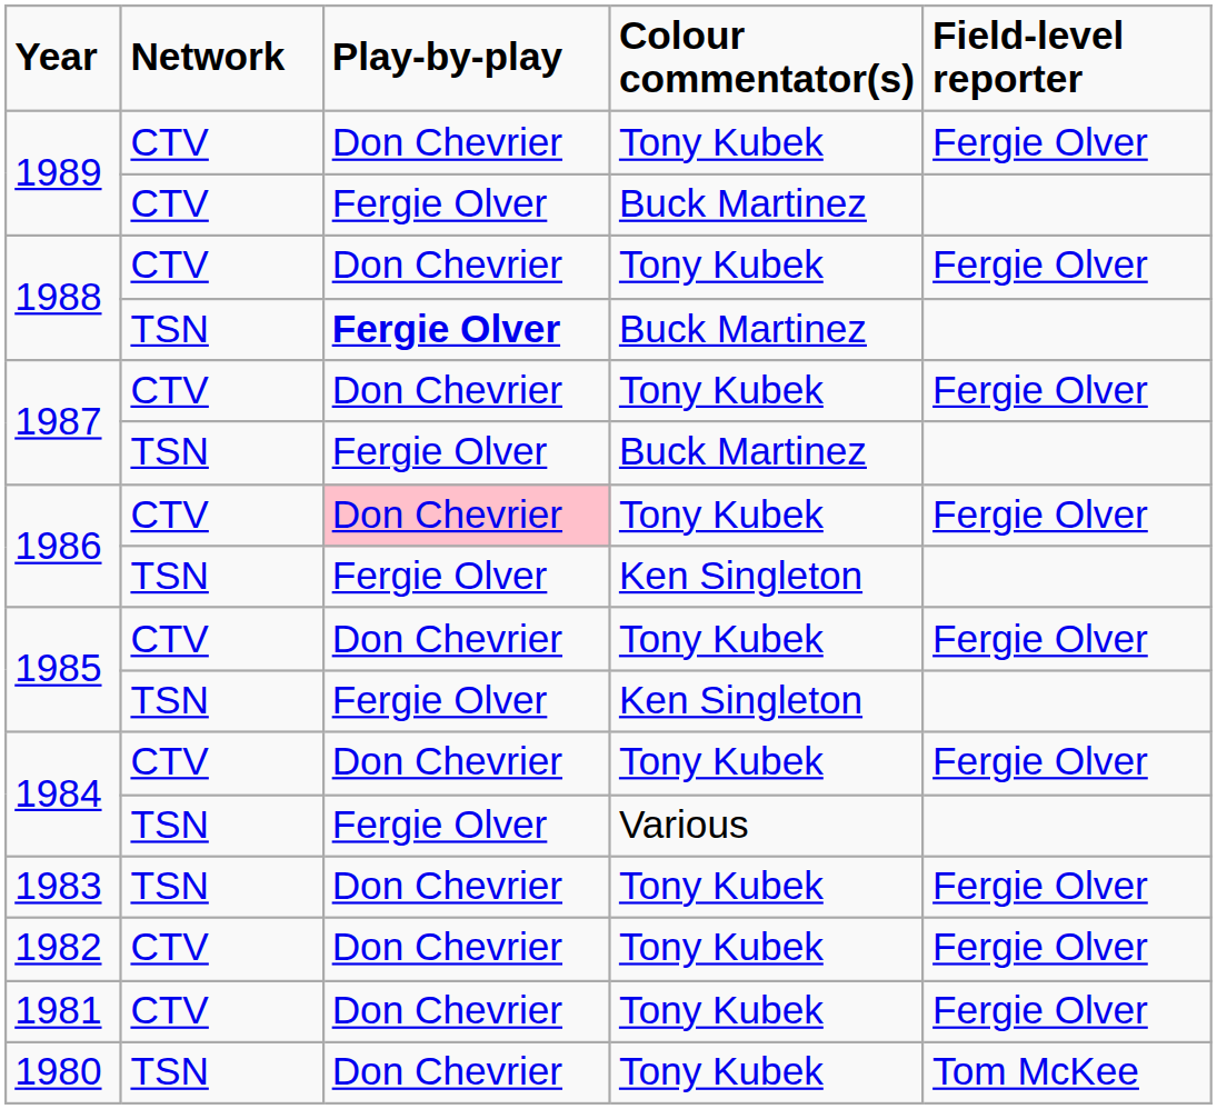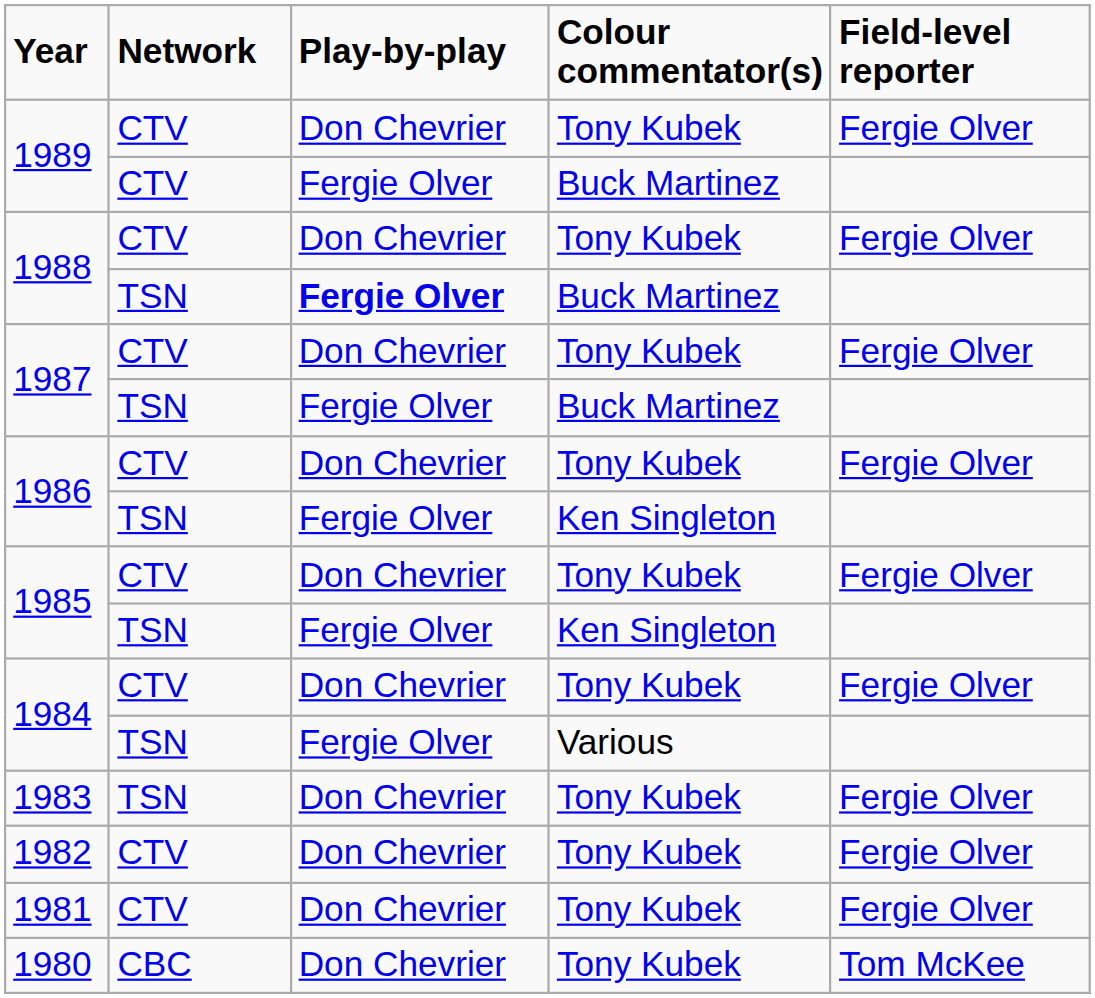 <table class="wikitable">
 <tr>
 <td width="40"><strong>Year</strong></td>
 <td width="75"><strong>Network</strong></td>
 <td width="110"><strong>Play-by-play</strong></td>
 <td width="110"><strong>Colour commentator(s)</strong></td>
 <td width="110"><strong>Field-level reporter</strong></td>
 </tr>
 <tr>
 <td rowspan=2><a href='#'>1989</a></td>
 <td><a href='#'>CTV</a></td>
 <td><a href='#'>Don Chevrier</a></td>
 <td><a href='#'>Tony Kubek</a></td>
 <td><a href='#'>Fergie Olver</a></td>
 </tr>
 <tr>
 <td><a href='#'>CTV</a></td>
 <td><a href='#'>Fergie Olver</a></td>
 <td><a href='#'>Buck Martinez</a></td>
 <td></td>
 </tr>
 <tr>
 <td rowspan=2><a href='#'>1988</a></td>
 <td><a href='#'>CTV</a></td>
 <td><a href='#'>Don Chevrier</a></td>
 <td><a href='#'>Tony Kubek</a></td>
 <td><a href='#'>Fergie Olver</a></td>
 </tr>
 <tr>
 <td><a href='#'>TSN</a></td>
 <td><strong><a href='#'>Fergie Olver</a></strong></td>
 <td><a href='#'>Buck Martinez</a></td>
 <td></td>
 </tr>
 <tr>
 <td rowspan=2><a href='#'>1987</a></td>
 <td><a href='#'>CTV</a></td>
 <td><a href='#'>Don Chevrier</a></td>
 <td><a href='#'>Tony Kubek</a></td>
 <td><a href='#'>Fergie Olver</a></td>
 </tr>
 <tr>
 <td><a href='#'>TSN</a></td>
 <td><a href='#'>Fergie Olver</a></td>
 <td><a href='#'>Buck Martinez</a></td>
 <td></td>
 </tr>
 <tr>
 <td rowspan=2><a href='#'>1986</a></td>
 <td><a href='#'>CTV</a></td>
-<td style="background: pink;"><a href='#'>Don Chevrier</a></td>
+<td><a href='#'>Don Chevrier</a></td>
 <td><a href='#'>Tony Kubek</a></td>
 <td><a href='#'>Fergie Olver</a></td>
 </tr>
 <tr>
 <td><a href='#'>TSN</a></td>
 <td><a href='#'>Fergie Olver</a></td>
 <td><a href='#'>Ken Singleton</a></td>
 <td></td>
 </tr>
 <tr>
 <td rowspan=2><a href='#'>1985</a></td>
 <td><a href='#'>CTV</a></td>
 <td><a href='#'>Don Chevrier</a></td>
 <td><a href='#'>Tony Kubek</a></td>
 <td><a href='#'>Fergie Olver</a></td>
 </tr>
 <tr>
 <td><a href='#'>TSN</a></td>
 <td><a href='#'>Fergie Olver</a></td>
 <td><a href='#'>Ken Singleton</a></td>
 <td></td>
 </tr>
 <tr>
 <td rowspan=2><a href='#'>1984</a></td>
 <td><a href='#'>CTV</a></td>
 <td><a href='#'>Don Chevrier</a></td>
 <td><a href='#'>Tony Kubek</a></td>
 <td><a href='#'>Fergie Olver</a></td>
 </tr>
 <tr>
 <td><a href='#'>TSN</a></td>
 <td><a href='#'>Fergie Olver</a></td>
 <td>Various</td>
 <td></td>
 </tr>
 <tr>
 <td><a href='#'>1983</a></td>
 <td><a href='#'>TSN</a></td>
 <td><a href='#'>Don Chevrier</a></td>
 <td><a href='#'>Tony Kubek</a></td>
 <td><a href='#'>Fergie Olver</a></td>
 </tr>
 <tr>
 <td><a href='#'>1982</a></td>
 <td><a href='#'>CTV</a></td>
 <td><a href='#'>Don Chevrier</a></td>
 <td><a href='#'>Tony Kubek</a></td>
 <td><a href='#'>Fergie Olver</a></td>
 </tr>
 <tr>
 <td><a href='#'>1981</a></td>
 <td><a href='#'>CTV</a></td>
 <td><a href='#'>Don Chevrier</a></td>
 <td><a href='#'>Tony Kubek</a></td>
 <td><a href='#'>Fergie Olver</a></td>
 </tr>
 <tr>
 <td><a href='#'>1980</a></td>
-<td><a href='#'>TSN</a></td>
+<td><a href='#'>CBC</a></td>
 <td><a href='#'>Don Chevrier</a></td>
 <td><a href='#'>Tony Kubek</a></td>
 <td><a href='#'>Tom McKee</a></td>
 </tr>
 </table>
